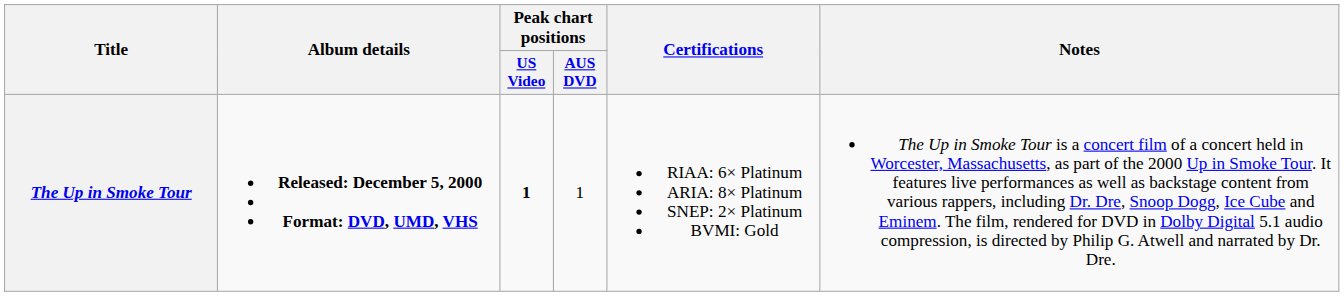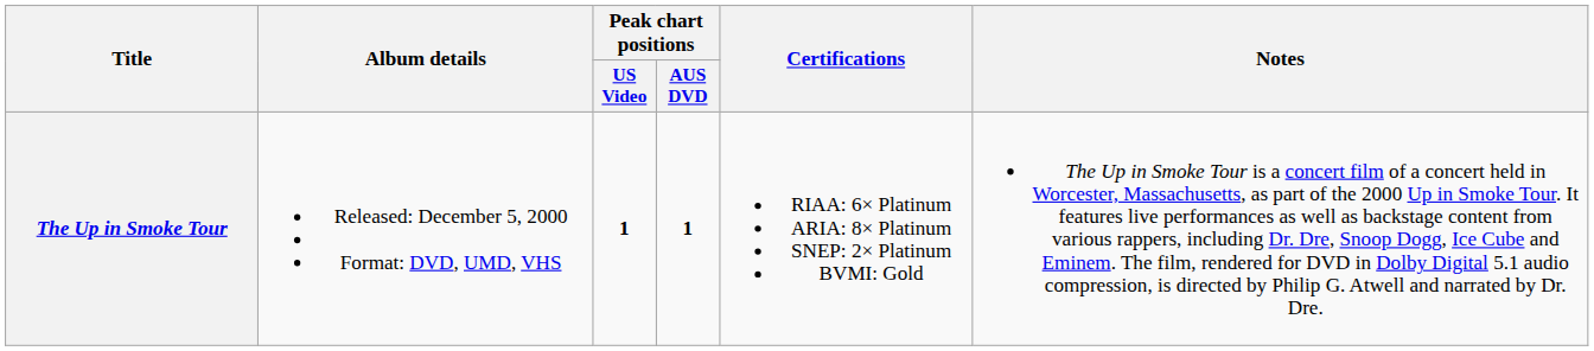 <table class="wikitable plainrowheaders" style="text-align:center;">
 <tr>
 <th scope="col" rowspan="2" style="width:12em;">Title</th>
 <th scope="col" rowspan="2" style="width:16em;">Album details</th>
 <th scope="col" colspan="2">Peak chart<br>positions</th>
 <th scope="col" rowspan="2" style="width:12em;"><a href='#'>Certifications</a></th>
 <th scope="col" rowspan="2">Notes</th>
 </tr>
 <tr>
 <th scope="col" style="width:3em; font-size:90%"><a href='#'>US<br>Video</a><br></th>
 <th scope="col" style="width:3em; font-size:90%"><a href='#'>AUS <br>DVD</a><br></th>
 </tr>
 <tr>
 <th scope="row"><em><a href='#'>The Up in Smoke Tour</a></em></th>
-<td><strong><br><ul><li>Released: December 5, 2000</li><li></li><li>Format: <a href='#'>DVD</a>, <a href='#'>UMD</a>, <a href='#'>VHS</a></li></ul></strong></td>
+<td><br><ul><li>Released: December 5, 2000</li><li></li><li>Format: <a href='#'>DVD</a>, <a href='#'>UMD</a>, <a href='#'>VHS</a></li></ul></td>
 <td><strong>1</strong></td>
-<td>1</td>
+<td><strong>1</strong></td>
 <td><br><ul><li>RIAA: 6× Platinum</li><li>ARIA: 8× Platinum</li><li>SNEP: 2× Platinum</li><li>BVMI: Gold</li></ul></td>
 <td><br><ul><li><em>The Up in Smoke Tour</em> is a <a href='#'>concert film</a> of a concert held in <a href='#'>Worcester, Massachusetts</a>, as part of the 2000 <a href='#'>Up in Smoke Tour</a>. It features live performances as well as backstage content from various rappers, including <a href='#'>Dr. Dre</a>, <a href='#'>Snoop Dogg</a>, <a href='#'>Ice Cube</a> and <a href='#'>Eminem</a>. The film, rendered for DVD in <a href='#'>Dolby Digital</a> 5.1 audio compression, is directed by Philip G. Atwell and narrated by Dr. Dre.</li></ul></td>
 </tr>
 </table>
